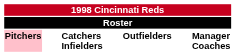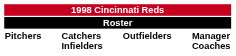 <table class="toccolours" style="font-size: 95%;">
 <tr>
 <th colspan="10" style="background:#c6011f; color:#fff; text-align:center;">1998 Cincinnati Reds</th>
 </tr>
 <tr>
 <td colspan="10" style="background:black; color:#fff; text-align:center;"><strong>Roster</strong></td>
 </tr>
 <tr>
-<td valign="top" style="background: pink;"><strong>Pitchers</strong><br>                      </td>
+<td valign="top"><strong>Pitchers</strong><br>                      </td>
 <td style="width:25px;"></td>
 <td valign="top"><strong>Catchers</strong><br>   <strong>Infielders</strong>           </td>
 <td style="width:25px;"></td>
 <td valign="top"><strong>Outfielders</strong><br>         </td>
 <td style="width:25px;"></td>
 <td valign="top"><strong>Manager</strong><br> <strong>Coaches</strong>      </td>
 </tr>
 </table>
